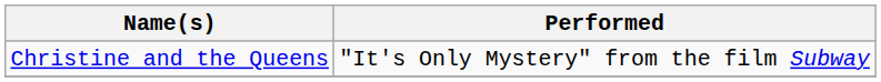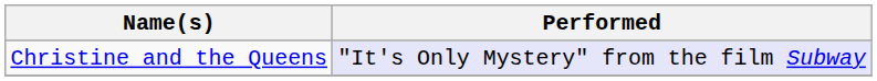 <table class="wikitable sortable">
 <tr>
 <th>Name(s)</th>
 <th>Performed</th>
 </tr>
 <tr>
 <td><a href='#'>Christine and the Queens</a></td>
-<td>"It's Only Mystery" from the film <em><a href='#'>Subway</a></em></td>
+<td style="background: lavender;">"It's Only Mystery" from the film <em><a href='#'>Subway</a></em></td>
 </tr>
 <tr>
 </tr>
 </table>
